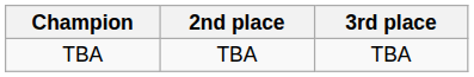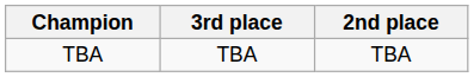 <table class="wikitable" style="font-size:90%; line-height:12pt; text-align:center;">
 <tr>
 <th width=100px>Champion</th>
+<th width=100px>3rd place</th>
 <th width=100px>2nd place</th>
-<th width=100px>3rd place</th>
 </tr>
 <tr>
 <td>TBA</td>
 <td>TBA</td>
 <td>TBA</td>
 </tr>
 </table>
